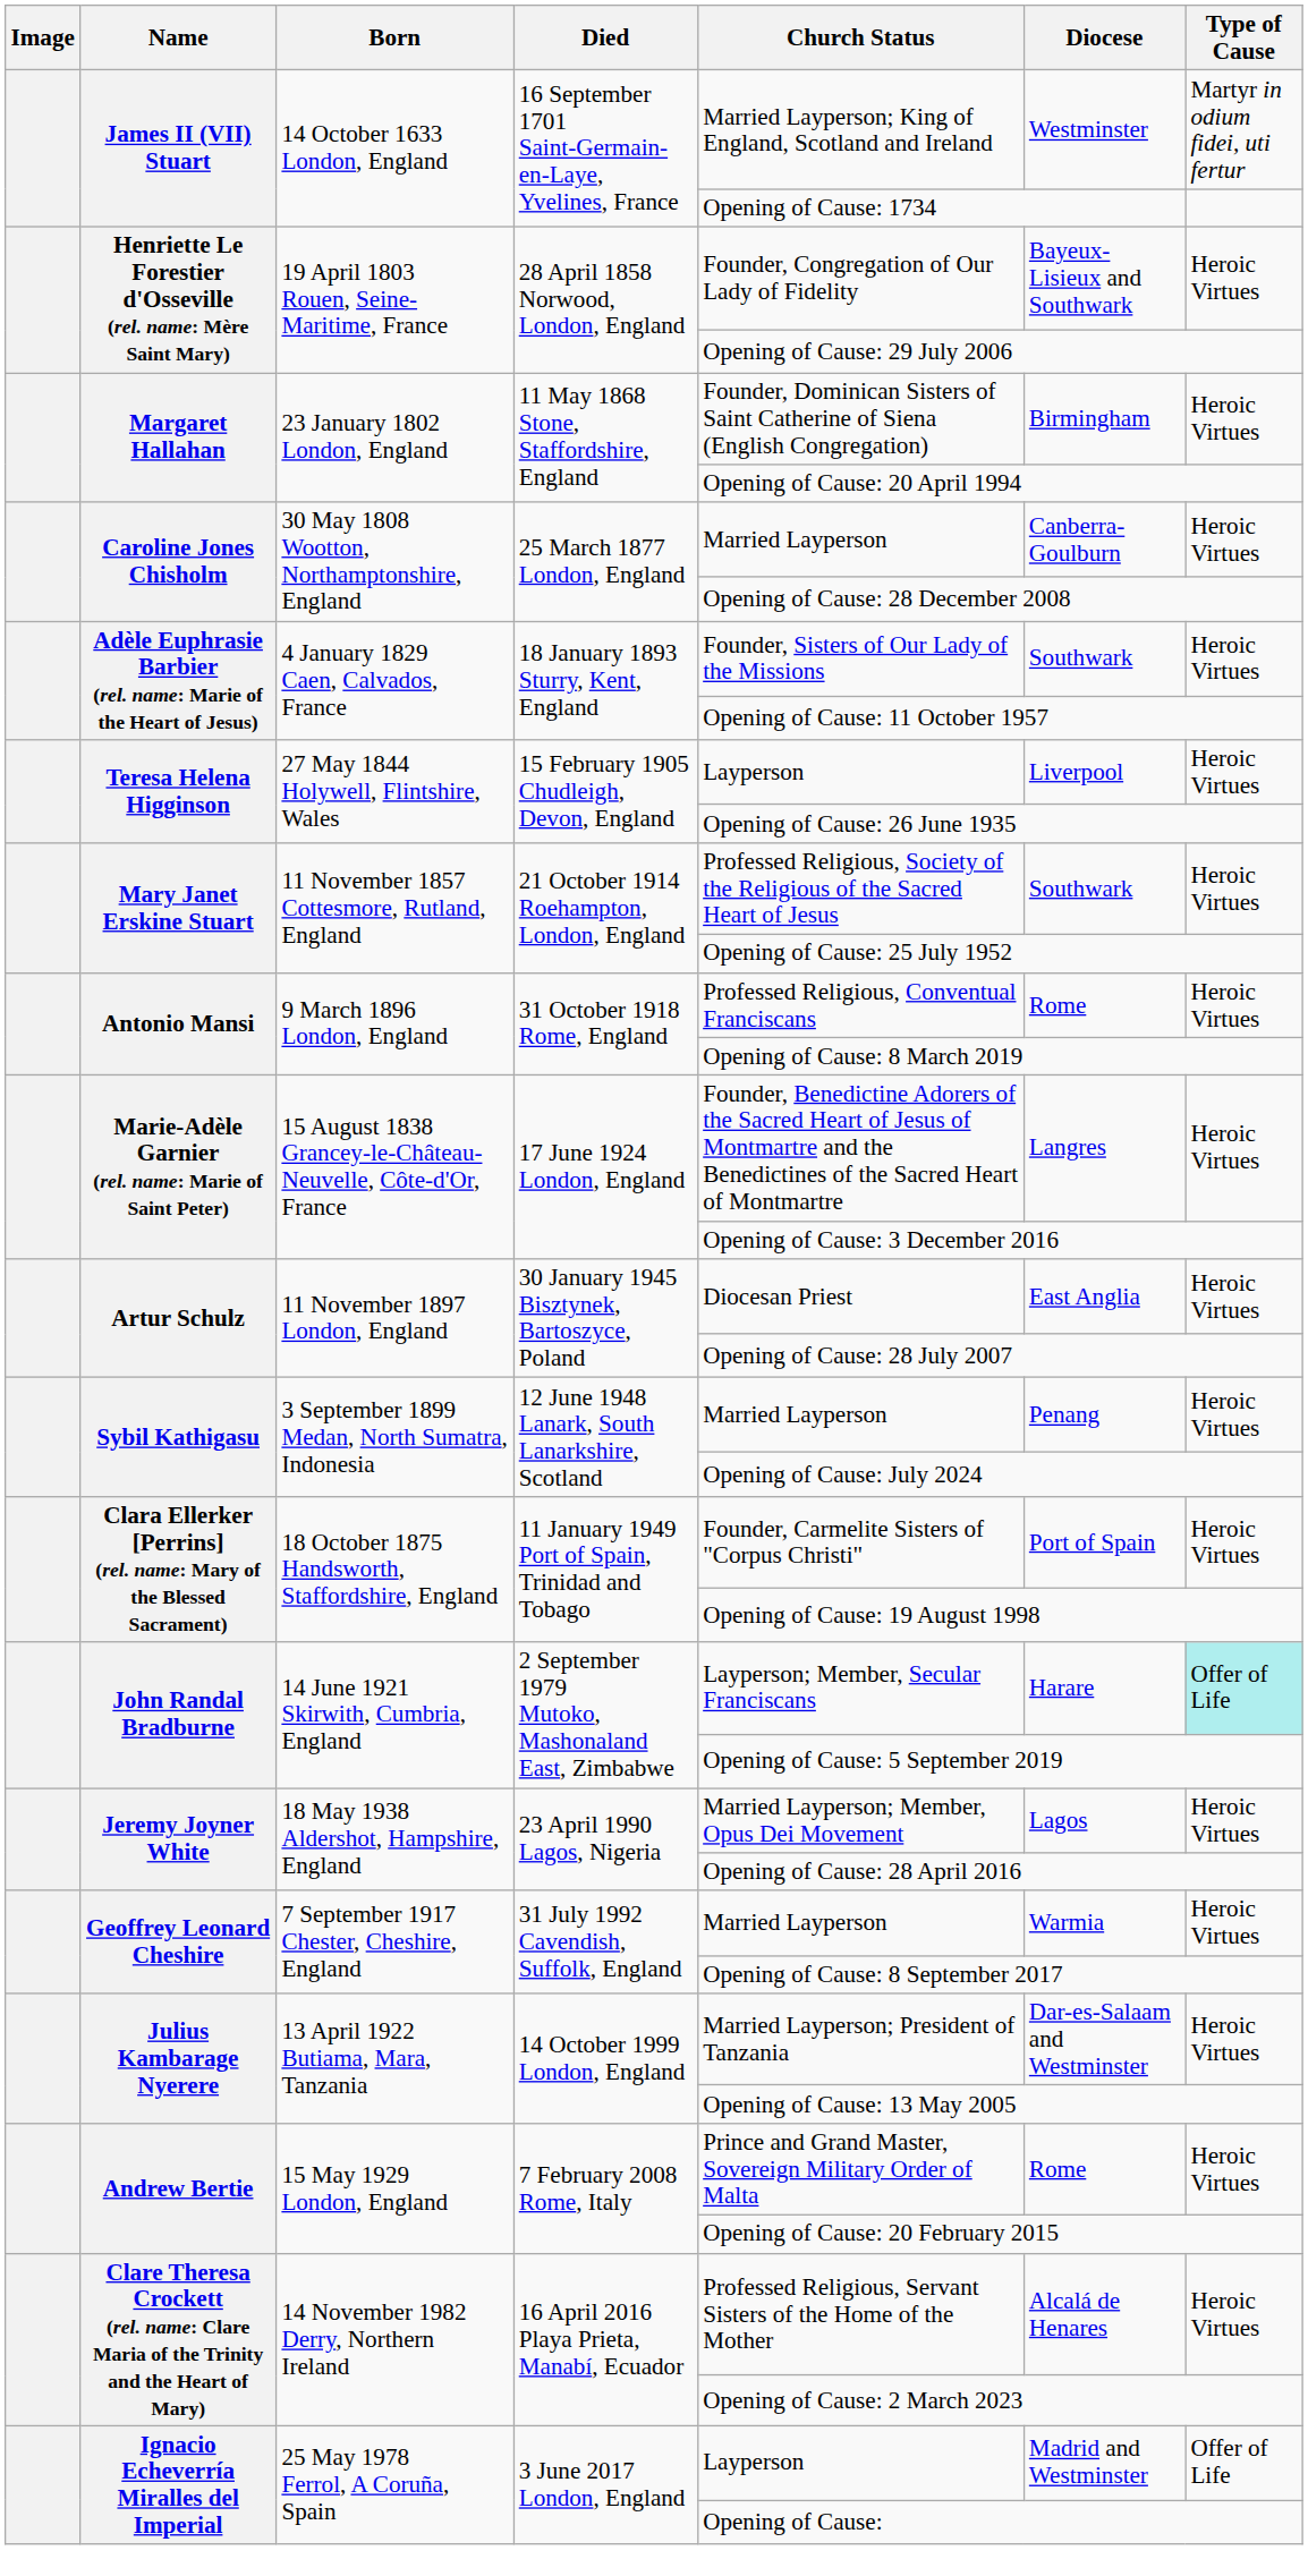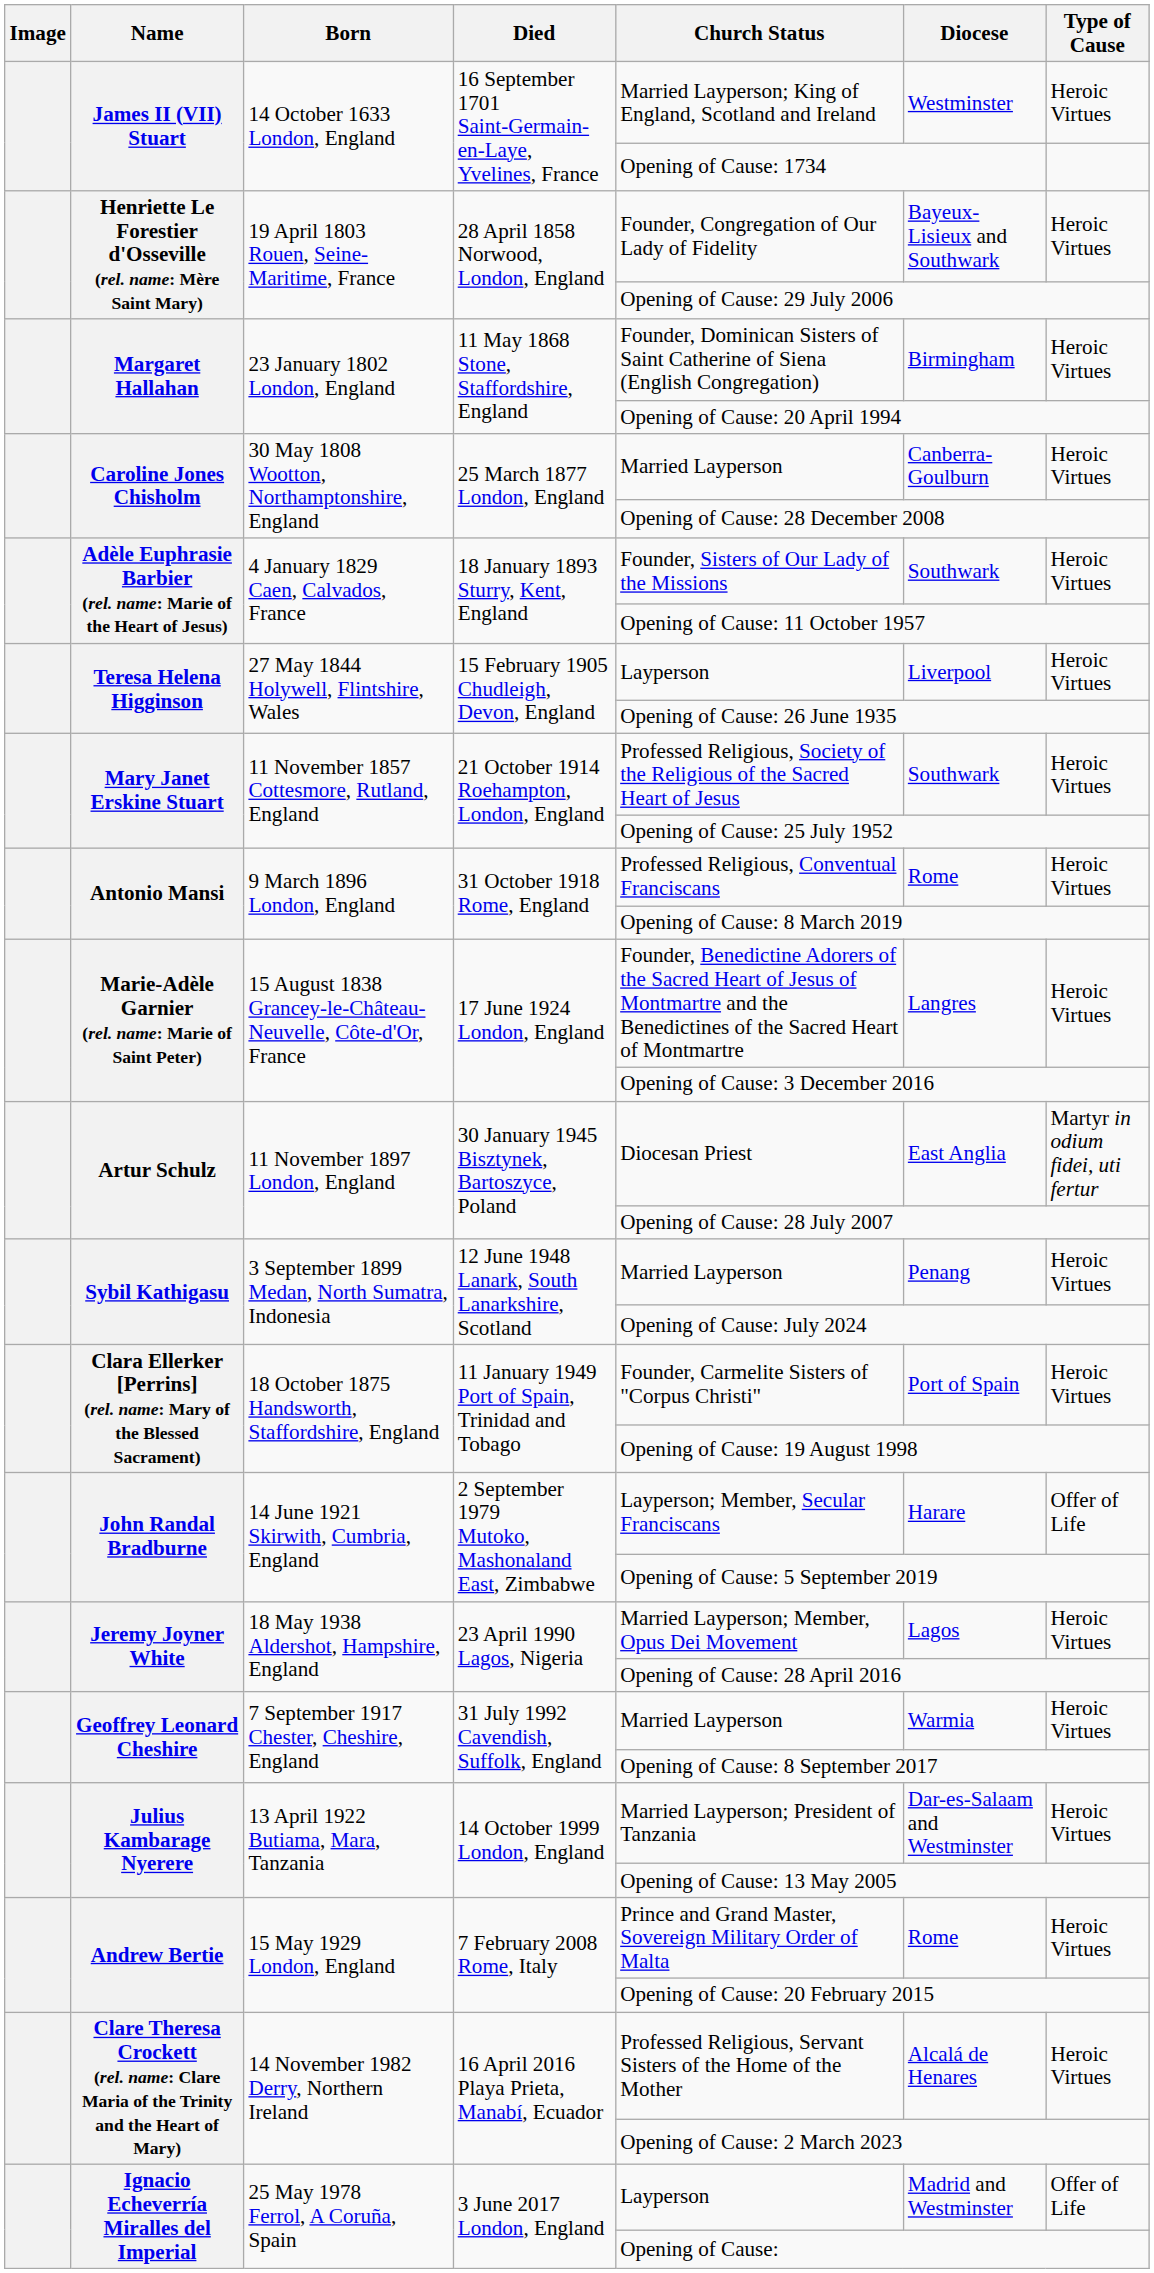 <table class="wikitable">
 <tr>
 <th class="unportable">Image</th>
 <th>Name</th>
 <th>Born</th>
 <th>Died</th>
 <th>Church Status</th>
 <th>Diocese</th>
 <th>Type of Cause</th>
 </tr>
 <tr>
 <th scope="row" rowspan="2"></th>
 <th rowspan="2"><a href='#'>James II (VII) Stuart</a></th>
 <td rowspan="2">14 October 1633 <br><a href='#'>London</a>, England</td>
 <td rowspan="2">16 September 1701 <br><a href='#'>Saint-Germain-en-Laye</a>, <a href='#'>Yvelines</a>, France</td>
 <td>Married Layperson; King of England, Scotland and Ireland</td>
 <td><a href='#'>Westminster</a></td>
-<td>Martyr <em>in odium fidei, uti fertur</em></td>
+<td>Heroic Virtues</td>
 </tr>
 <tr>
 <td colspan="2">Opening of Cause: 1734</td>
 </tr>
 <tr>
 <th scope="row" rowspan="2"></th>
 <th rowspan="2">Henriette Le Forestier d'Osseville <br><small>(<em>rel. name</em>: Mère Saint Mary)</small></th>
 <td rowspan="2">19 April 1803 <br><a href='#'>Rouen</a>, <a href='#'>Seine-Maritime</a>, France</td>
 <td rowspan="2">28 April 1858 <br>Norwood, <a href='#'>London</a>, England</td>
 <td>Founder, Congregation of Our Lady of Fidelity</td>
 <td><a href='#'>Bayeux-Lisieux</a> and <a href='#'>Southwark</a></td>
 <td>Heroic Virtues</td>
 </tr>
 <tr>
 <td colspan="3">Opening of Cause: 29 July 2006</td>
 </tr>
 <tr>
 <th scope="row" rowspan="2"></th>
 <th rowspan="2"><a href='#'>Margaret Hallahan</a></th>
 <td rowspan="2">23 January 1802 <br><a href='#'>London</a>, England</td>
 <td rowspan="2">11 May 1868 <br><a href='#'>Stone</a>, <a href='#'>Staffordshire</a>, England</td>
 <td>Founder, Dominican Sisters of Saint Catherine of Siena (English Congregation)</td>
 <td><a href='#'>Birmingham</a></td>
 <td>Heroic Virtues</td>
 </tr>
 <tr>
 <td colspan="3">Opening of Cause: 20 April 1994</td>
 </tr>
 <tr>
 <th scope="row" rowspan="2"></th>
 <th rowspan="2"><a href='#'>Caroline Jones Chisholm</a></th>
 <td rowspan="2">30 May 1808 <br><a href='#'>Wootton</a>, <a href='#'>Northamptonshire</a>, England</td>
 <td rowspan="2">25 March 1877 <br><a href='#'>London</a>, England</td>
 <td>Married Layperson</td>
 <td><a href='#'>Canberra-Goulburn</a></td>
 <td>Heroic Virtues</td>
 </tr>
 <tr>
 <td colspan="3">Opening of Cause: 28 December 2008</td>
 </tr>
 <tr>
 <th scope="row" rowspan="2"></th>
 <th rowspan="2"><a href='#'>Adèle Euphrasie Barbier</a><br><small>(<em>rel. name</em>: Marie of the Heart of Jesus)</small></th>
 <td rowspan="2">4 January 1829 <br><a href='#'>Caen</a>, <a href='#'>Calvados</a>, France</td>
 <td rowspan="2">18 January 1893 <br><a href='#'>Sturry</a>, <a href='#'>Kent</a>, England</td>
 <td>Founder, <a href='#'>Sisters of Our Lady of the Missions</a></td>
 <td><a href='#'>Southwark</a></td>
 <td>Heroic Virtues</td>
 </tr>
 <tr>
 <td colspan="3">Opening of Cause: 11 October 1957</td>
 </tr>
 <tr>
 <th scope="row" rowspan="2"></th>
 <th rowspan="2"><a href='#'>Teresa Helena Higginson</a></th>
 <td rowspan="2">27 May 1844 <br><a href='#'>Holywell</a>, <a href='#'>Flintshire</a>, Wales</td>
 <td rowspan="2">15 February 1905 <br><a href='#'>Chudleigh</a>, <a href='#'>Devon</a>, England</td>
 <td>Layperson</td>
 <td><a href='#'>Liverpool</a></td>
 <td>Heroic Virtues</td>
 </tr>
 <tr>
 <td colspan="3">Opening of Cause: 26 June 1935</td>
 </tr>
 <tr>
 <th scope="row" rowspan="2"></th>
 <th rowspan="2"><a href='#'>Mary Janet Erskine Stuart</a></th>
 <td rowspan="2">11 November 1857 <br><a href='#'>Cottesmore</a>, <a href='#'>Rutland</a>, England</td>
 <td rowspan="2">21 October 1914 <br><a href='#'>Roehampton</a>, <a href='#'>London</a>, England</td>
 <td>Professed Religious, <a href='#'>Society of the Religious of the Sacred Heart of Jesus</a></td>
 <td><a href='#'>Southwark</a></td>
 <td>Heroic Virtues</td>
 </tr>
 <tr>
 <td colspan="3">Opening of Cause: 25 July 1952</td>
 </tr>
 <tr>
 <th scope="row" rowspan="2"></th>
 <th rowspan="2">Antonio Mansi</th>
 <td rowspan="2">9 March 1896 <br><a href='#'>London</a>, England</td>
 <td rowspan="2">31 October 1918 <br><a href='#'>Rome</a>, England</td>
 <td>Professed Religious, <a href='#'>Conventual Franciscans</a></td>
 <td><a href='#'>Rome</a></td>
 <td>Heroic Virtues</td>
 </tr>
 <tr>
 <td colspan="3">Opening of Cause: 8 March 2019</td>
 </tr>
 <tr>
 <th scope="row" rowspan="2"></th>
 <th rowspan="2">Marie-Adèle Garnier <br><small>(<em>rel. name</em>: Marie of Saint Peter)</small></th>
 <td rowspan="2">15 August 1838 <br><a href='#'>Grancey-le-Château-Neuvelle</a>, <a href='#'>Côte-d'Or</a>, France</td>
 <td rowspan="2">17 June 1924 <br><a href='#'>London</a>, England</td>
 <td>Founder, <a href='#'>Benedictine Adorers of the Sacred Heart of Jesus of Montmartre</a> and the Benedictines of  the Sacred Heart of Montmartre</td>
 <td><a href='#'>Langres</a></td>
 <td>Heroic Virtues</td>
 </tr>
 <tr>
 <td colspan="3">Opening of Cause: 3 December 2016</td>
 </tr>
 <tr>
 <th scope="row" rowspan="2"></th>
 <th rowspan="2">Artur Schulz</th>
 <td rowspan="2">11 November 1897 <br><a href='#'>London</a>, England</td>
 <td rowspan="2">30 January 1945 <br><a href='#'>Bisztynek</a>, <a href='#'>Bartoszyce</a>, Poland</td>
 <td>Diocesan Priest</td>
 <td><a href='#'>East Anglia</a></td>
-<td>Heroic Virtues</td>
+<td>Martyr <em>in odium fidei, uti fertur</em></td>
 </tr>
 <tr>
 <td colspan="3">Opening of Cause: 28 July 2007</td>
 </tr>
 <tr>
 <th scope="row" rowspan="2"></th>
 <th rowspan="2"><a href='#'>Sybil Kathigasu</a></th>
 <td rowspan="2">3 September 1899 <br><a href='#'>Medan</a>, <a href='#'>North Sumatra</a>, Indonesia</td>
 <td rowspan="2">12 June 1948 <br><a href='#'>Lanark</a>, <a href='#'>South Lanarkshire</a>, Scotland</td>
 <td>Married Layperson</td>
 <td><a href='#'>Penang</a></td>
 <td>Heroic Virtues</td>
 </tr>
 <tr>
 <td colspan="3">Opening of Cause: July 2024</td>
 </tr>
 <tr>
 <th scope="row" rowspan="2"></th>
 <th rowspan="2">Clara Ellerker [Perrins] <br><small>(<em>rel. name</em>: Mary of the Blessed Sacrament)</small></th>
 <td rowspan="2">18 October 1875 <br><a href='#'>Handsworth</a>, <a href='#'>Staffordshire</a>, England</td>
 <td rowspan="2">11 January 1949 <br><a href='#'>Port of Spain</a>, Trinidad and Tobago</td>
 <td>Founder, Carmelite Sisters of "Corpus Christi"</td>
 <td><a href='#'>Port of Spain</a></td>
 <td>Heroic Virtues</td>
 </tr>
 <tr>
 <td colspan="3">Opening of Cause: 19 August 1998</td>
 </tr>
 <tr>
 <th scope="row" rowspan="2"></th>
 <th rowspan="2"><a href='#'>John Randal Bradburne</a></th>
 <td rowspan="2">14 June 1921 <br><a href='#'>Skirwith</a>, <a href='#'>Cumbria</a>, England</td>
 <td rowspan="2">2 September 1979 <br><a href='#'>Mutoko</a>, <a href='#'>Mashonaland East</a>, Zimbabwe</td>
 <td>Layperson; Member, <a href='#'>Secular Franciscans</a></td>
 <td><a href='#'>Harare</a></td>
-<td style="background: paleturquoise;">Offer of Life</td>
+<td>Offer of Life</td>
 </tr>
 <tr>
 <td colspan="3">Opening of Cause: 5 September 2019</td>
 </tr>
 <tr>
 <th scope="row" rowspan="2"></th>
 <th rowspan="2"><a href='#'>Jeremy Joyner White</a></th>
 <td rowspan="2">18 May 1938 <br><a href='#'>Aldershot</a>, <a href='#'>Hampshire</a>, England</td>
 <td rowspan="2">23 April 1990 <br><a href='#'>Lagos</a>, Nigeria</td>
 <td>Married Layperson; Member, <a href='#'>Opus Dei Movement</a></td>
 <td><a href='#'>Lagos</a></td>
 <td>Heroic Virtues</td>
 </tr>
 <tr>
 <td colspan="3">Opening of Cause: 28 April 2016</td>
 </tr>
 <tr>
 <th scope="row" rowspan="2"></th>
 <th rowspan="2"><a href='#'>Geoffrey Leonard Cheshire</a></th>
 <td rowspan="2">7 September 1917 <br><a href='#'>Chester</a>, <a href='#'>Cheshire</a>, England</td>
 <td rowspan="2">31 July 1992 <br><a href='#'>Cavendish</a>, <a href='#'>Suffolk</a>, England</td>
 <td>Married Layperson</td>
 <td><a href='#'>Warmia</a></td>
 <td>Heroic Virtues</td>
 </tr>
 <tr>
 <td colspan="3">Opening of Cause: 8 September 2017</td>
 </tr>
 <tr>
 <th scope="row" rowspan="2"></th>
 <th rowspan="2"><a href='#'>Julius Kambarage Nyerere</a></th>
 <td rowspan="2">13 April 1922 <br><a href='#'>Butiama</a>, <a href='#'>Mara</a>, Tanzania</td>
 <td rowspan="2">14 October 1999 <br><a href='#'>London</a>, England</td>
 <td>Married Layperson; President of Tanzania</td>
 <td><a href='#'>Dar-es-Salaam</a> and <a href='#'>Westminster</a></td>
 <td>Heroic Virtues</td>
 </tr>
 <tr>
 <td colspan="3">Opening of Cause: 13 May 2005</td>
 </tr>
 <tr>
 <th scope="row" rowspan="2"></th>
 <th rowspan="2"><a href='#'>Andrew Bertie</a></th>
 <td rowspan="2">15 May 1929 <br><a href='#'>London</a>, England</td>
 <td rowspan="2">7 February 2008 <br><a href='#'>Rome</a>, Italy</td>
 <td>Prince and Grand Master, <a href='#'>Sovereign Military Order of Malta</a></td>
 <td><a href='#'>Rome</a></td>
 <td>Heroic Virtues</td>
 </tr>
 <tr>
 <td colspan="3">Opening of Cause: 20 February 2015</td>
 </tr>
 <tr>
 <th scope="row" rowspan="2"></th>
 <th rowspan="2"><a href='#'>Clare Theresa Crockett</a> <br><small>(<em>rel. name</em>: Clare Maria of the Trinity and the Heart of Mary)</small></th>
 <td rowspan="2">14 November 1982 <br><a href='#'>Derry</a>, Northern Ireland</td>
 <td rowspan="2">16 April 2016 <br>Playa Prieta, <a href='#'>Manabí</a>, Ecuador</td>
 <td>Professed Religious, Servant Sisters of the Home of the Mother</td>
 <td><a href='#'>Alcalá de Henares</a></td>
 <td>Heroic Virtues</td>
 </tr>
 <tr>
 <td colspan="3">Opening of Cause: 2 March 2023</td>
 </tr>
 <tr>
 <th scope="row" rowspan="2"></th>
 <th rowspan="2"><a href='#'>Ignacio Echeverría Miralles del Imperial</a></th>
 <td rowspan="2">25 May 1978 <br><a href='#'>Ferrol</a>, <a href='#'>A Coruña</a>, Spain</td>
 <td rowspan="2">3 June 2017 <br><a href='#'>London</a>, England</td>
 <td>Layperson</td>
 <td><a href='#'>Madrid</a> and <a href='#'>Westminster</a></td>
 <td>Offer of Life</td>
 </tr>
 <tr>
 <td colspan="3">Opening of Cause:</td>
 </tr>
 </table>
